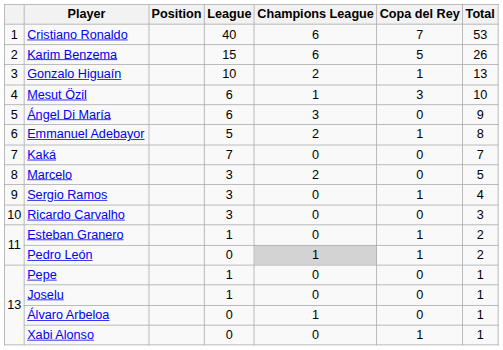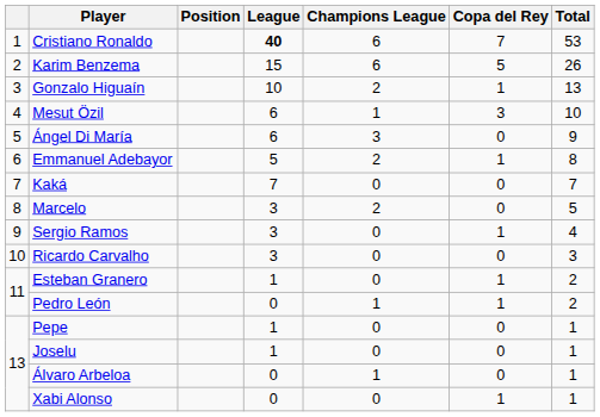 <table class="wikitable">
 <tr>
 <th></th>
 <th style="width:150px;">Player</th>
 <th>Position</th>
 <th>League</th>
 <th>Champions League</th>
 <th>Copa del Rey</th>
 <th>Total</th>
 </tr>
 <tr>
 <td align=center>1</td>
 <td> <a href='#'>Cristiano Ronaldo</a></td>
 <td align=center></td>
-<td align=center>40</td>
+<td align=center><strong>40</strong></td>
 <td align=center>6</td>
 <td align=center>7</td>
 <td align=center>53</td>
 </tr>
 <tr>
 <td align=center>2</td>
 <td> <a href='#'>Karim Benzema</a></td>
 <td align=center></td>
 <td align=center>15</td>
 <td align=center>6</td>
 <td align=center>5</td>
 <td align=center>26</td>
 </tr>
 <tr>
 <td align=center>3</td>
 <td> <a href='#'>Gonzalo Higuaín</a></td>
 <td align=center></td>
 <td align=center>10</td>
 <td align=center>2</td>
 <td align=center>1</td>
 <td align=center>13</td>
 </tr>
 <tr>
 <td align=center>4</td>
 <td> <a href='#'>Mesut Özil</a></td>
 <td align=center></td>
 <td align=center>6</td>
 <td align=center>1</td>
 <td align=center>3</td>
 <td align=center>10</td>
 </tr>
 <tr>
 <td align=center>5</td>
 <td> <a href='#'>Ángel Di María</a></td>
 <td align=center></td>
 <td align=center>6</td>
 <td align=center>3</td>
 <td align=center>0</td>
 <td align=center>9</td>
 </tr>
 <tr>
 <td align=center>6</td>
 <td> <a href='#'>Emmanuel Adebayor</a></td>
 <td align=center></td>
 <td align=center>5</td>
 <td align=center>2</td>
 <td align=center>1</td>
 <td align=center>8</td>
 </tr>
 <tr>
 <td align=center>7</td>
 <td> <a href='#'>Kaká</a></td>
 <td align=center></td>
 <td align=center>7</td>
 <td align=center>0</td>
 <td align=center>0</td>
 <td align=center>7</td>
 </tr>
 <tr>
 <td align=center>8</td>
 <td> <a href='#'>Marcelo</a></td>
 <td align=center></td>
 <td align=center>3</td>
 <td align=center>2</td>
 <td align=center>0</td>
 <td align=center>5</td>
 </tr>
 <tr>
 <td align=center>9</td>
 <td> <a href='#'>Sergio Ramos</a></td>
 <td align=center></td>
 <td align=center>3</td>
 <td align=center>0</td>
 <td align=center>1</td>
 <td align=center>4</td>
 </tr>
 <tr>
 <td align=center>10</td>
 <td> <a href='#'>Ricardo Carvalho</a></td>
 <td align=center></td>
 <td align=center>3</td>
 <td align=center>0</td>
 <td align=center>0</td>
 <td align=center>3</td>
 </tr>
 <tr>
 <td style="text-align:center;" rowspan="2">11</td>
 <td> <a href='#'>Esteban Granero</a></td>
 <td align=center></td>
 <td align=center>1</td>
 <td align=center>0</td>
 <td align=center>1</td>
 <td align=center>2</td>
 </tr>
 <tr>
 <td> <a href='#'>Pedro León</a></td>
 <td align=center></td>
 <td align=center>0</td>
-<td align=center style="background: lightgrey;">1</td>
+<td align=center>1</td>
 <td align=center>1</td>
 <td align=center>2</td>
 </tr>
 <tr>
 <td style="text-align:center;" rowspan="4">13</td>
 <td> <a href='#'>Pepe</a></td>
 <td align=center></td>
 <td align=center>1</td>
 <td align=center>0</td>
 <td align=center>0</td>
 <td align=center>1</td>
 </tr>
 <tr>
 <td> <a href='#'>Joselu</a></td>
 <td align=center></td>
 <td align=center>1</td>
 <td align=center>0</td>
 <td align=center>0</td>
 <td align=center>1</td>
 </tr>
 <tr>
 <td> <a href='#'>Álvaro Arbeloa</a></td>
 <td align=center></td>
 <td align=center>0</td>
 <td align=center>1</td>
 <td align=center>0</td>
 <td align=center>1</td>
 </tr>
 <tr>
 <td> <a href='#'>Xabi Alonso</a></td>
 <td align=center></td>
 <td align=center>0</td>
 <td align=center>0</td>
 <td align=center>1</td>
 <td align=center>1</td>
 </tr>
 </table>
